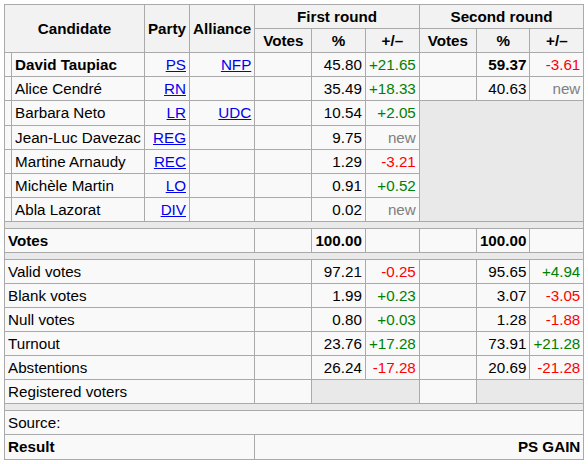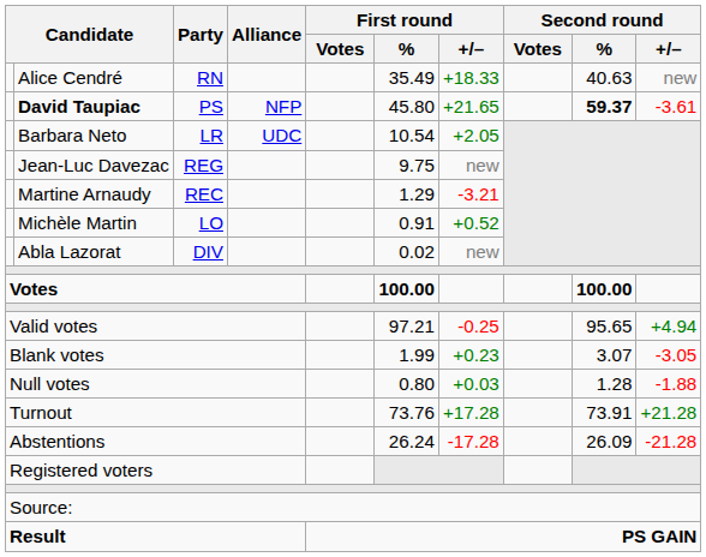 <table class="wikitable" style="text-align:right;font-size:95%;">
 <tr>
 <th rowspan="2" colspan="2">Candidate</th>
 <th colspan="1" rowspan="2">Party</th>
 <th colspan="1" rowspan="2">Alliance</th>
 <th colspan="3">First round</th>
 <th colspan="3">Second round</th>
 </tr>
 <tr>
 <th style="width:50px;">Votes</th>
 <th style="width:45px;">%</th>
 <th style="width:45px;">+/–</th>
 <th style="width:50px;">Votes</th>
 <th style="width:45px;">%</th>
 <th style="width:45px;">+/–</th>
 </tr>
 <tr>
 <td style="color:inherit;background:"></td>
+<td style="text-align:left;">Alice Cendré</td>
+<td><a href='#'>RN</a></td>
+<td></td>
+<td></td>
+<td>35.49</td>
+<td style="color:green;">+18.33</td>
+<td></td>
+<td>40.63</td>
+<td style="color:grey;">new</td>
+</tr>
+<tr>
+<td style="color:inherit;background:"></td>
 <td style="text-align:left;"><strong>David Taupiac</strong></td>
 <td><a href='#'>PS</a></td>
 <td><a href='#'>NFP</a></td>
 <td></td>
 <td>45.80</td>
 <td style="color:green;">+21.65</td>
 <td><strong></strong></td>
 <td><strong>59.37</strong></td>
 <td style="color:red;">-3.61</td>
-</tr>
-<tr>
-<td style="color:inherit;background:"></td>
-<td style="text-align:left;">Alice Cendré</td>
-<td><a href='#'>RN</a></td>
-<td></td>
-<td></td>
-<td>35.49</td>
-<td style="color:green;">+18.33</td>
-<td></td>
-<td>40.63</td>
-<td style="color:grey;">new</td>
 </tr>
 <tr>
 <td style="color:inherit;background:"></td>
 <td style="text-align:left;">Barbara Neto</td>
 <td><a href='#'>LR</a></td>
 <td><a href='#'>UDC</a></td>
 <td></td>
 <td>10.54</td>
 <td style="color:green;">+2.05</td>
 <td colspan="3" rowspan="5" style="background:#E9E9E9;"></td>
 </tr>
 <tr>
 <td style="color:inherit;background:"></td>
 <td style="text-align:left;">Jean-Luc Davezac</td>
 <td><a href='#'>REG</a></td>
 <td></td>
 <td></td>
 <td>9.75</td>
 <td style="color:grey;">new</td>
 </tr>
 <tr>
 <td style="color:inherit;background:"></td>
 <td style="text-align:left;">Martine Arnaudy</td>
 <td><a href='#'>REC</a></td>
 <td></td>
 <td></td>
 <td>1.29</td>
 <td style="color:red;">-3.21</td>
 </tr>
 <tr>
 <td style="color:inherit;background:"></td>
 <td style="text-align:left;">Michèle Martin</td>
 <td><a href='#'>LO</a></td>
 <td></td>
 <td></td>
 <td>0.91</td>
 <td style="color:green;">+0.52</td>
 </tr>
 <tr>
 <td style="color:inherit;background:"></td>
 <td style="text-align:left;">Abla Lazorat</td>
 <td><a href='#'>DIV</a></td>
 <td></td>
 <td></td>
 <td>0.02</td>
 <td style="color:grey;">new</td>
 </tr>
 <tr>
 <td colspan="10" style="background:#E9E9E9;"></td>
 </tr>
 <tr style="font-weight:bold;">
 <td colspan="4" style="text-align:left;">Votes</td>
 <td></td>
 <td>100.00</td>
 <td></td>
 <td></td>
 <td>100.00</td>
 <td></td>
 </tr>
 <tr>
 <td colspan="10" style="background:#E9E9E9;"></td>
 </tr>
 <tr>
 <td colspan="4" style="text-align:left;">Valid votes</td>
 <td></td>
 <td>97.21</td>
 <td style="color:red;">-0.25</td>
 <td></td>
 <td>95.65</td>
 <td style="color:green;">+4.94</td>
 </tr>
 <tr>
 <td colspan="4" style="text-align:left;">Blank votes</td>
 <td></td>
 <td>1.99</td>
 <td style="color:green;">+0.23</td>
 <td></td>
 <td>3.07</td>
 <td style="color:red;">-3.05</td>
 </tr>
 <tr>
 <td colspan="4" style="text-align:left;">Null votes</td>
 <td></td>
 <td>0.80</td>
 <td style="color:green;">+0.03</td>
 <td></td>
 <td>1.28</td>
 <td style="color:red;">-1.88</td>
 </tr>
 <tr>
 <td colspan="4" style="text-align:left;">Turnout</td>
 <td></td>
-<td>23.76</td>
+<td>73.76</td>
 <td style="color:green;">+17.28</td>
 <td></td>
 <td>73.91</td>
 <td style="color:green;">+21.28</td>
 </tr>
 <tr>
 <td colspan="4" style="text-align:left;">Abstentions</td>
 <td></td>
 <td>26.24</td>
 <td style="color:red;">-17.28</td>
 <td></td>
-<td>20.69</td>
+<td>26.09</td>
 <td style="color:red;">-21.28</td>
 </tr>
 <tr>
 <td colspan="4" style="text-align:left;">Registered voters</td>
 <td></td>
 <td colspan="2" style="background:#E9E9E9;"></td>
 <td></td>
 <td colspan="2" style="background:#E9E9E9;"></td>
 </tr>
 <tr>
 <td colspan="10" style="background:#E9E9E9;"></td>
 </tr>
 <tr>
 <td colspan="10" style="text-align:left;">Source: </td>
 </tr>
 <tr style="font-weight:bold">
 <td colspan="4" style="text-align:left;">Result</td>
 <td colspan="6" style="background-color:">PS GAIN</td>
 </tr>
 </table>
